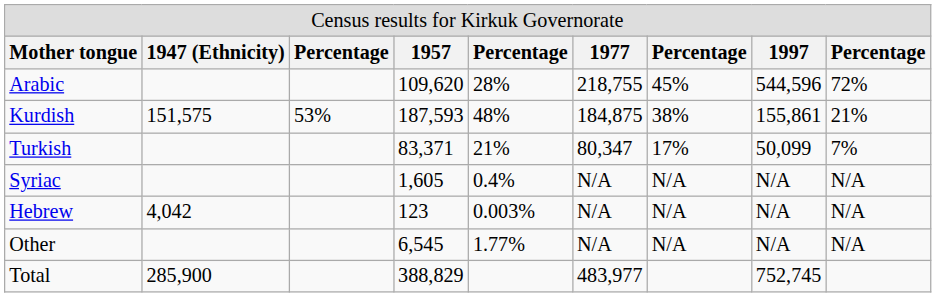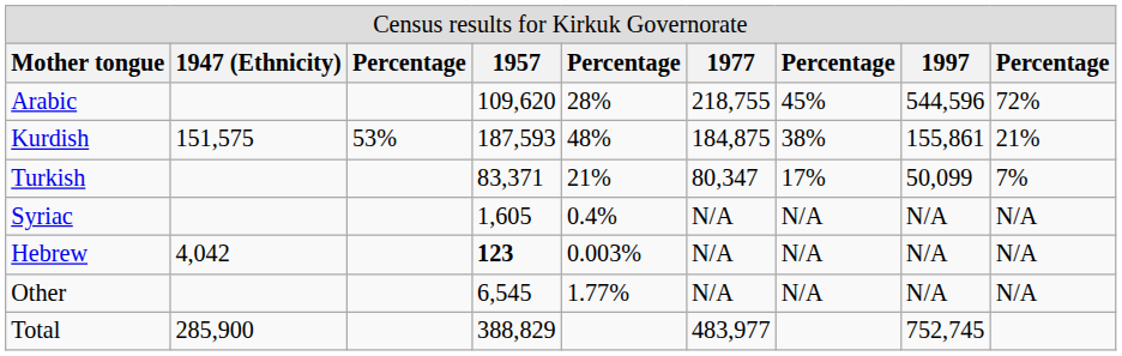 <table class="wikitable sortable">
 <tr bgcolor=#DDDDDD>
 <td colspan=9 align="center">Census results for Kirkuk Governorate</td>
 </tr>
 <tr bgcolor=#f0f0f0 align="center">
 <th>Mother tongue</th>
 <th>1947 (Ethnicity)</th>
 <th>Percentage</th>
 <th>1957</th>
 <th>Percentage</th>
 <th>1977</th>
 <th>Percentage</th>
 <th>1997</th>
 <th>Percentage</th>
 </tr>
 <tr>
 <td><a href='#'>Arabic</a></td>
 <td></td>
 <td></td>
 <td>109,620</td>
 <td>28%</td>
 <td>218,755</td>
 <td>45%</td>
 <td>544,596</td>
 <td>72%</td>
 </tr>
 <tr>
 <td><a href='#'>Kurdish</a></td>
 <td>151,575</td>
 <td>53%</td>
 <td>187,593</td>
 <td>48%</td>
 <td>184,875</td>
 <td>38%</td>
 <td>155,861</td>
 <td>21%</td>
 </tr>
 <tr>
 <td><a href='#'>Turkish</a></td>
 <td></td>
 <td></td>
 <td>83,371</td>
 <td>21%</td>
 <td>80,347</td>
 <td>17%</td>
 <td>50,099</td>
 <td>7%</td>
 </tr>
 <tr>
 <td><a href='#'>Syriac</a></td>
 <td></td>
 <td></td>
 <td>1,605</td>
 <td>0.4%</td>
 <td>N/A</td>
 <td>N/A</td>
 <td>N/A</td>
 <td>N/A</td>
 </tr>
 <tr>
 <td><a href='#'>Hebrew</a></td>
 <td>4,042</td>
 <td></td>
-<td>123</td>
+<td><strong>123</strong></td>
 <td>0.003%</td>
 <td>N/A</td>
 <td>N/A</td>
 <td>N/A</td>
 <td>N/A</td>
 </tr>
 <tr>
 <td>Other</td>
 <td></td>
 <td></td>
 <td>6,545</td>
 <td>1.77%</td>
 <td>N/A</td>
 <td>N/A</td>
 <td>N/A</td>
 <td>N/A</td>
 </tr>
 <tr>
 <td>Total</td>
 <td>285,900</td>
 <td></td>
 <td>388,829</td>
 <td></td>
 <td>483,977</td>
 <td></td>
 <td>752,745</td>
 <td></td>
 </tr>
 </table>
